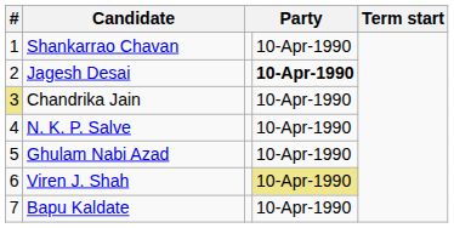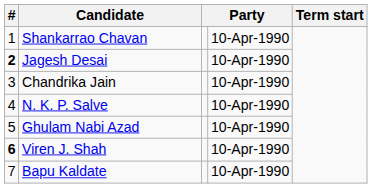 <table class="wikitable">
 <tr>
 <th>#</th>
 <th style="width:200px">Candidate</th>
 <th colspan="2">Party</th>
 <th>Term start</th>
 </tr>
 <tr>
 <td>1</td>
 <td><a href='#'>Shankarrao Chavan</a></td>
 <td></td>
 <td>10-Apr-1990</td>
 </tr>
 <tr>
-<td>2</td>
+<td><strong>2</strong></td>
 <td><a href='#'>Jagesh Desai</a></td>
 <td></td>
-<td><strong>10-Apr-1990</strong></td>
+<td>10-Apr-1990</td>
 </tr>
 <tr>
-<td style="background: khaki;">3</td>
+<td>3</td>
 <td>Chandrika Jain</td>
 <td></td>
 <td>10-Apr-1990</td>
 </tr>
 <tr>
 <td>4</td>
 <td><a href='#'>N. K. P. Salve</a></td>
 <td></td>
 <td>10-Apr-1990</td>
 </tr>
 <tr>
 <td>5</td>
 <td><a href='#'>Ghulam Nabi Azad</a></td>
 <td></td>
 <td>10-Apr-1990</td>
 </tr>
 <tr>
-<td>6</td>
+<td><strong>6</strong></td>
 <td><a href='#'>Viren J. Shah</a></td>
 <td></td>
-<td style="background: khaki;">10-Apr-1990</td>
+<td>10-Apr-1990</td>
 </tr>
 <tr>
 <td>7</td>
 <td><a href='#'>Bapu Kaldate</a></td>
 <td></td>
 <td>10-Apr-1990</td>
 </tr>
 </table>
